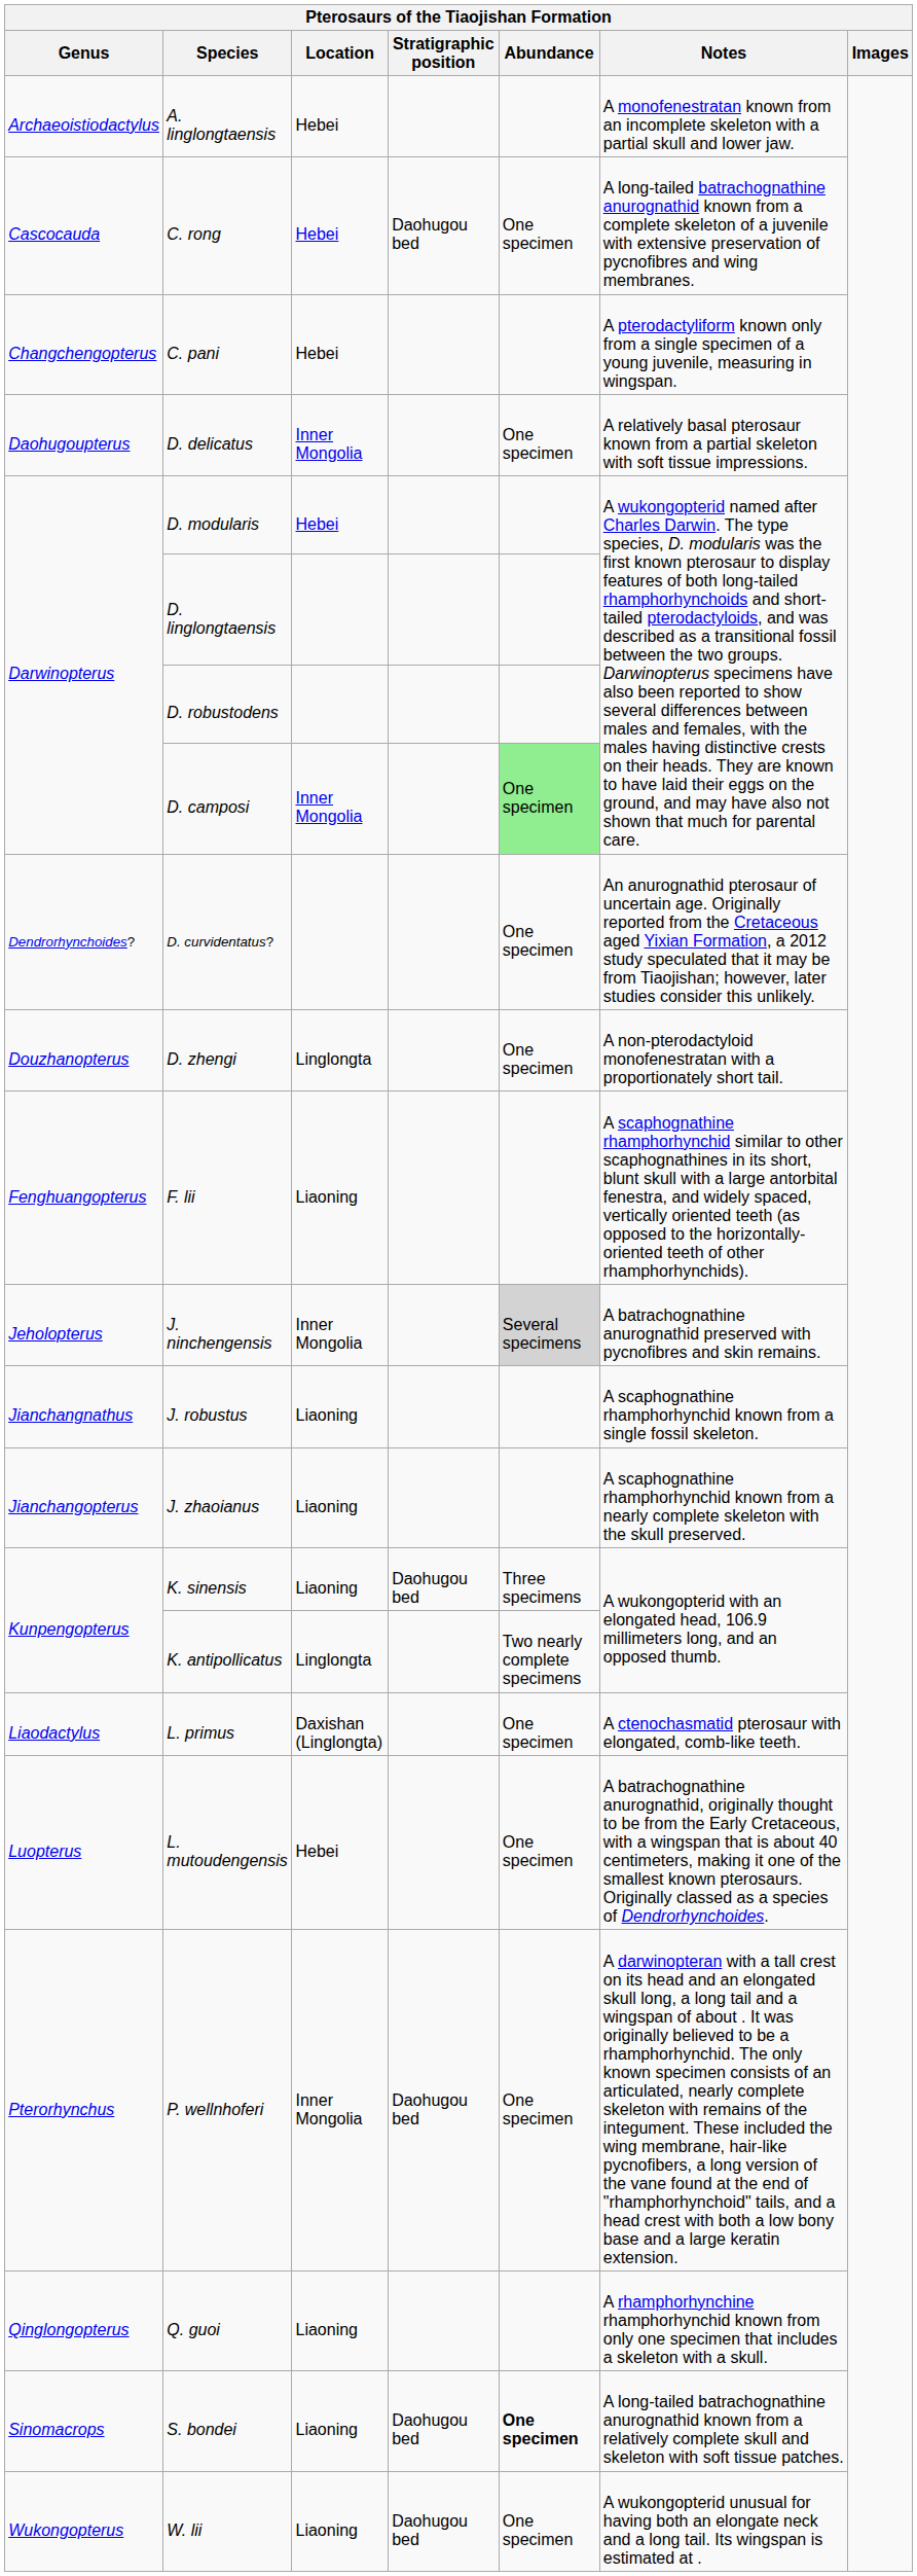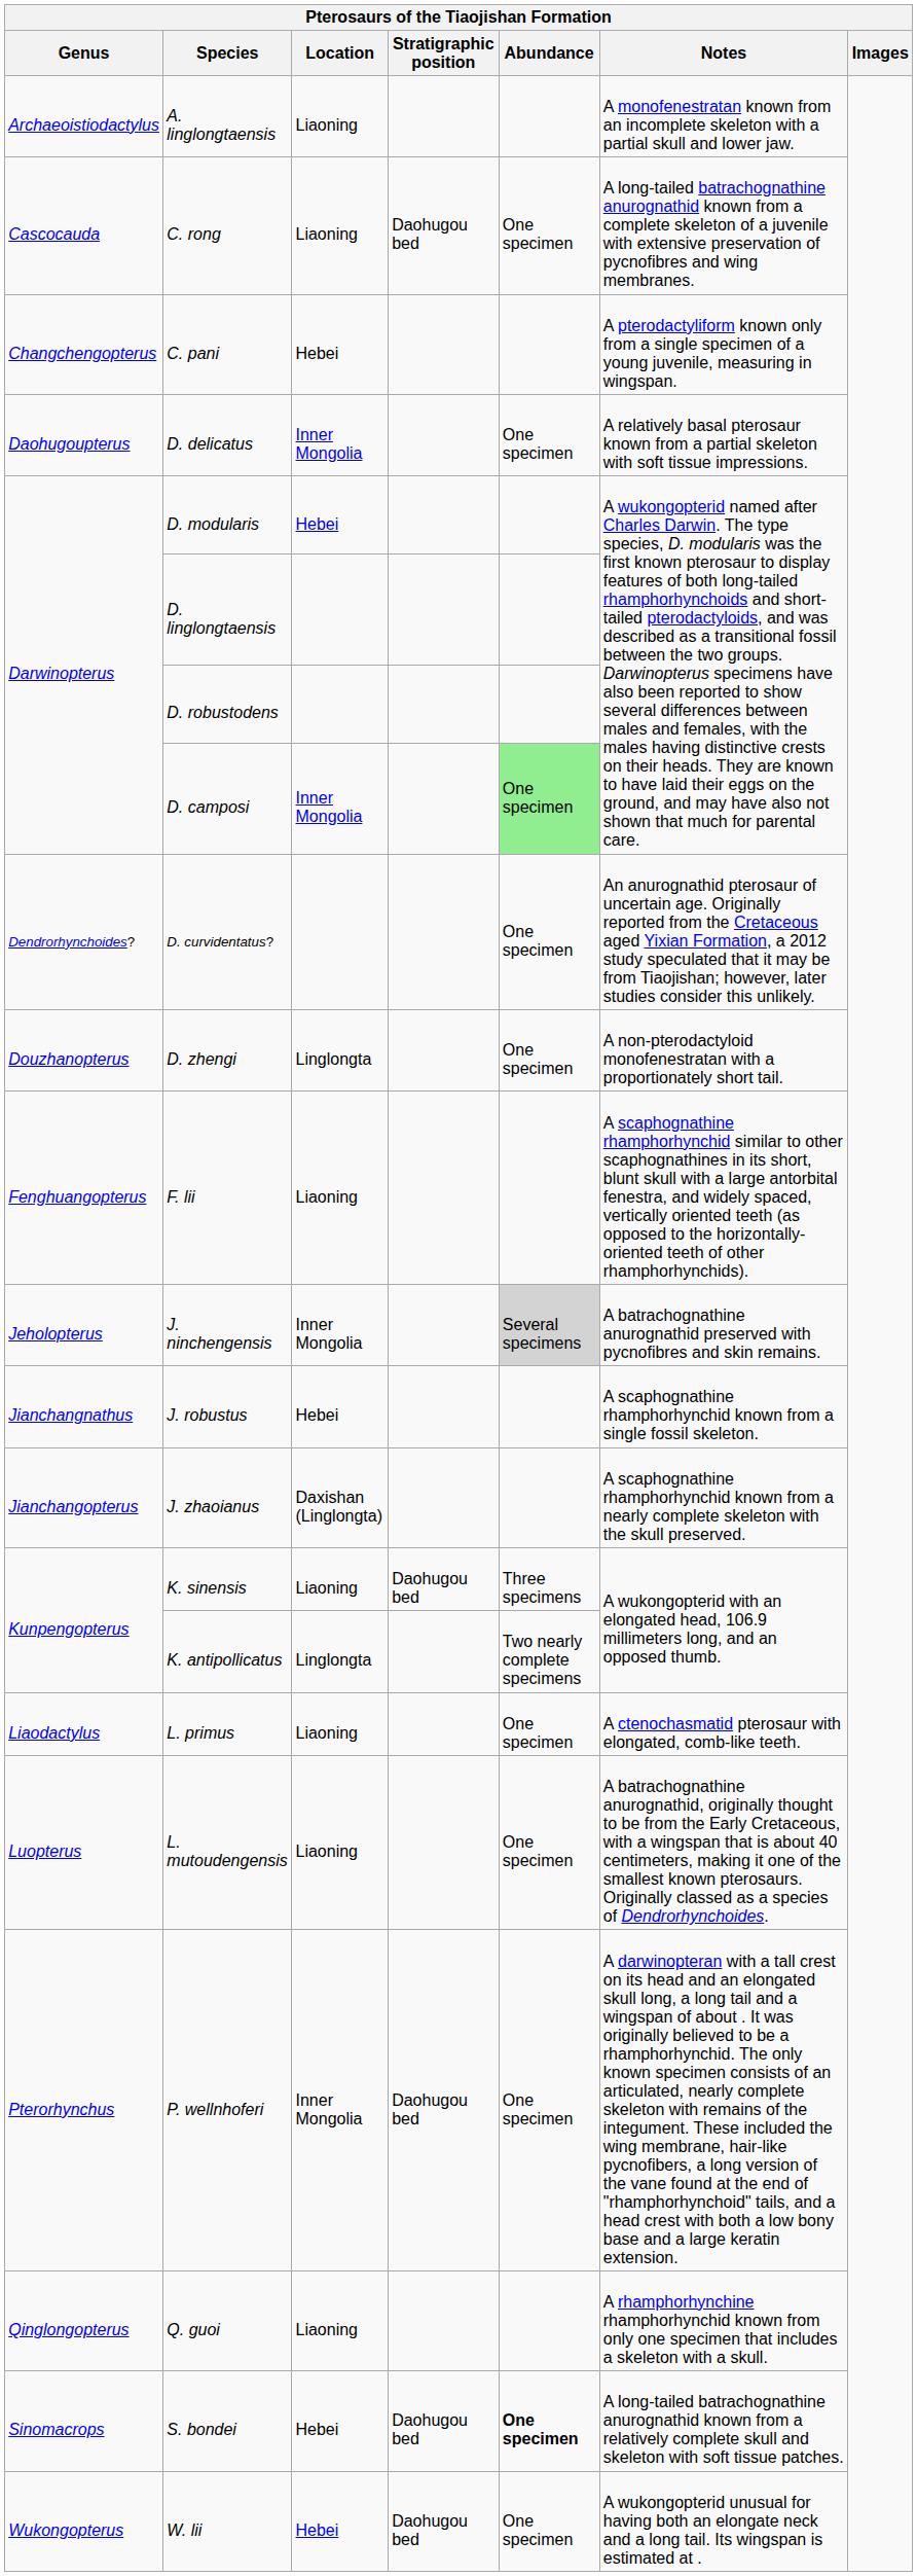 <table class="wikitable" align="center" width="100%">
 <tr>
 <th colspan="7" align="center"><strong>Pterosaurs of the Tiaojishan Formation</strong></th>
 </tr>
 <tr>
 <th>Genus</th>
 <th>Species</th>
 <th>Location</th>
 <th>Stratigraphic position</th>
 <th>Abundance</th>
 <th>Notes</th>
 <th>Images</th>
 </tr>
 <tr>
 <td><br><em><a href='#'>Archaeoistiodactylus</a></em></td>
 <td><br><em>A. linglongtaensis</em></td>
-<td><br>Hebei</td>
+<td><br>Liaoning</td>
 <td></td>
 <td></td>
 <td><br>A <a href='#'>monofenestratan</a> known from an incomplete skeleton with a partial skull and lower jaw.</td>
 <td rowspan="102"><br>    </td>
 </tr>
 <tr>
 <td><br><em><a href='#'>Cascocauda</a></em></td>
 <td><br><em>C. rong</em></td>
-<td><br><a href='#'>Hebei</a></td>
+<td><br>Liaoning</td>
 <td><br>Daohugou bed</td>
 <td><br>One specimen</td>
 <td><br>A long-tailed <a href='#'>batrachognathine</a> <a href='#'>anurognathid</a> known from a complete skeleton of a juvenile with extensive preservation of pycnofibres and wing membranes.</td>
 </tr>
 <tr>
 <td><br><em><a href='#'>Changchengopterus</a></em></td>
 <td><br><em>C. pani</em></td>
 <td><br>Hebei</td>
 <td></td>
 <td></td>
 <td><br>A <a href='#'>pterodactyliform</a> known only from a single specimen of a young juvenile, measuring  in wingspan.</td>
 </tr>
 <tr>
 <td><br><em><a href='#'>Daohugoupterus</a></em></td>
 <td><br><em>D. delicatus</em></td>
 <td><br><a href='#'>Inner Mongolia</a></td>
 <td></td>
 <td><br>One specimen</td>
 <td><br>A relatively basal pterosaur known from a partial skeleton with soft tissue impressions.</td>
 </tr>
 <tr>
 <td rowspan=4><br><em><a href='#'>Darwinopterus</a></em></td>
 <td><br><em>D. modularis</em></td>
 <td><br><a href='#'>Hebei</a></td>
 <td></td>
 <td></td>
 <td rowspan=4><br>A <a href='#'>wukongopterid</a> named after <a href='#'>Charles Darwin</a>. The type species, <em>D. modularis</em> was the first known pterosaur to display features of both long-tailed <a href='#'>rhamphorhynchoids</a> and short-tailed <a href='#'>pterodactyloids</a>, and was described as a transitional fossil between the two groups. <em>Darwinopterus</em> specimens have also been reported to show several differences between males and females, with the males having distinctive crests on their heads. They are known to have laid their eggs on the ground, and may have also not shown that much for parental care.</td>
 </tr>
 <tr>
 <td><br><em>D. linglongtaensis</em></td>
 <td></td>
 <td></td>
 <td></td>
 </tr>
 <tr>
 <td><br><em>D. robustodens</em></td>
 <td></td>
 <td></td>
 <td></td>
 </tr>
 <tr>
 <td><br><em>D. camposi</em></td>
 <td><br><a href='#'>Inner Mongolia</a></td>
 <td></td>
 <td style="background: lightgreen;">One specimen</td>
 </tr>
 <tr>
 <td><br><small><em><a href='#'>Dendrorhynchoides</a></em>?</small></td>
 <td><br><small><em>D. curvidentatus</em>?</small></td>
 <td></td>
 <td></td>
 <td><br>One specimen</td>
 <td><br>An anurognathid pterosaur of uncertain age. Originally reported from the <a href='#'>Cretaceous</a> aged <a href='#'>Yixian Formation</a>, a 2012 study speculated that it may be from Tiaojishan; however, later studies consider this unlikely.</td>
 </tr>
 <tr>
 <td><br><em><a href='#'>Douzhanopterus</a></em></td>
 <td><br><em>D. zhengi</em></td>
 <td><br>Linglongta</td>
 <td></td>
 <td><br>One specimen</td>
 <td><br>A non-pterodactyloid monofenestratan with a proportionately short tail.</td>
 </tr>
 <tr>
 <td><br><em><a href='#'>Fenghuangopterus</a></em></td>
 <td><br><em>F. lii</em></td>
 <td><br>Liaoning</td>
 <td></td>
 <td></td>
 <td><br>A <a href='#'>scaphognathine</a> <a href='#'>rhamphorhynchid</a> similar to other scaphognathines in its short, blunt skull with a large antorbital fenestra, and widely spaced, vertically oriented teeth (as opposed to the horizontally-oriented teeth of other rhamphorhynchids).</td>
 </tr>
 <tr>
 <td><br><em><a href='#'>Jeholopterus</a></em></td>
 <td><br><em>J. ninchengensis</em></td>
 <td><br>Inner Mongolia</td>
 <td></td>
 <td style="background: lightgrey;"><br>Several specimens</td>
 <td><br>A batrachognathine anurognathid preserved with pycnofibres and skin remains.</td>
 </tr>
 <tr>
 <td><br><em><a href='#'>Jianchangnathus</a></em></td>
 <td><br><em>J. robustus</em></td>
-<td><br>Liaoning</td>
+<td><br>Hebei</td>
 <td></td>
 <td></td>
 <td><br>A scaphognathine rhamphorhynchid known from a single fossil skeleton.</td>
 </tr>
 <tr>
 <td><br><em><a href='#'>Jianchangopterus</a></em></td>
 <td><br><em>J. zhaoianus</em></td>
-<td><br>Liaoning</td>
+<td><br>Daxishan (Linglongta)</td>
 <td></td>
 <td></td>
 <td><br>A scaphognathine rhamphorhynchid known from a nearly complete skeleton with the skull preserved.</td>
 </tr>
 <tr>
 <td rowspan=2><br><em><a href='#'>Kunpengopterus</a></em></td>
 <td><br><em>K. sinensis</em></td>
 <td><br>Liaoning</td>
 <td><br>Daohugou bed</td>
 <td><br>Three specimens</td>
 <td rowspan=2><br>A wukongopterid with an elongated head, 106.9 millimeters long, and an opposed thumb.</td>
 </tr>
 <tr>
 <td><br><em>K. antipollicatus</em></td>
 <td><br>Linglongta</td>
 <td></td>
 <td><br>Two nearly complete specimens</td>
 </tr>
 <tr>
 <td><br><em><a href='#'>Liaodactylus</a></em></td>
 <td><br><em>L. primus</em></td>
-<td><br>Daxishan (Linglongta)</td>
+<td><br>Liaoning</td>
 <td></td>
 <td><br>One specimen</td>
 <td><br>A <a href='#'>ctenochasmatid</a> pterosaur with elongated, comb-like teeth.</td>
 </tr>
 <tr>
 <td><br><em><a href='#'>Luopterus</a></em></td>
 <td><br><em>L. mutoudengensis</em></td>
-<td><br>Hebei</td>
+<td><br>Liaoning</td>
 <td></td>
 <td><br>One specimen</td>
 <td><br>A batrachognathine anurognathid, originally thought to be from the Early Cretaceous, with a wingspan that is about 40 centimeters, making it one of the smallest known pterosaurs. Originally classed as a species of <em><a href='#'>Dendrorhynchoides</a></em>.</td>
 </tr>
 <tr>
 <td><br><em><a href='#'>Pterorhynchus</a></em></td>
 <td><br><em>P. wellnhoferi</em></td>
 <td><br>Inner Mongolia</td>
 <td><br>Daohugou bed</td>
 <td><br>One specimen</td>
 <td><br>A <a href='#'>darwinopteran</a> with a tall crest on its head and an elongated skull  long, a long tail and a wingspan of about . It was originally believed to be a rhamphorhynchid. The only known specimen consists of an articulated, nearly complete skeleton with remains of the integument. These included the wing membrane, hair-like pycnofibers, a long version of the vane found at the end of "rhamphorhynchoid" tails, and a head crest with both a low bony base and a large keratin extension.</td>
 </tr>
 <tr>
 <td><br><em><a href='#'>Qinglongopterus</a></em></td>
 <td><br><em>Q. guoi</em></td>
 <td><br>Liaoning</td>
 <td></td>
 <td></td>
 <td><br>A <a href='#'>rhamphorhynchine</a> rhamphorhynchid known from only one specimen that includes a skeleton with a skull.</td>
 </tr>
 <tr>
 <td><br><em><a href='#'>Sinomacrops</a></em></td>
 <td><br><em>S. bondei</em></td>
-<td><br>Liaoning</td>
+<td><br>Hebei</td>
 <td><br>Daohugou bed</td>
 <td><strong><br>One specimen</strong></td>
 <td><br>A long-tailed batrachognathine anurognathid known from a relatively complete skull and skeleton with soft tissue patches.</td>
 </tr>
 <tr>
 <td><br><em><a href='#'>Wukongopterus</a></em></td>
 <td><br><em>W. lii</em></td>
-<td><br>Liaoning</td>
+<td><br><a href='#'>Hebei</a></td>
 <td><br>Daohugou bed</td>
 <td><br>One specimen</td>
 <td><br>A wukongopterid unusual for having both an elongate neck and a long tail. Its wingspan is estimated at .</td>
 </tr>
 <tr>
 </tr>
 </table>
